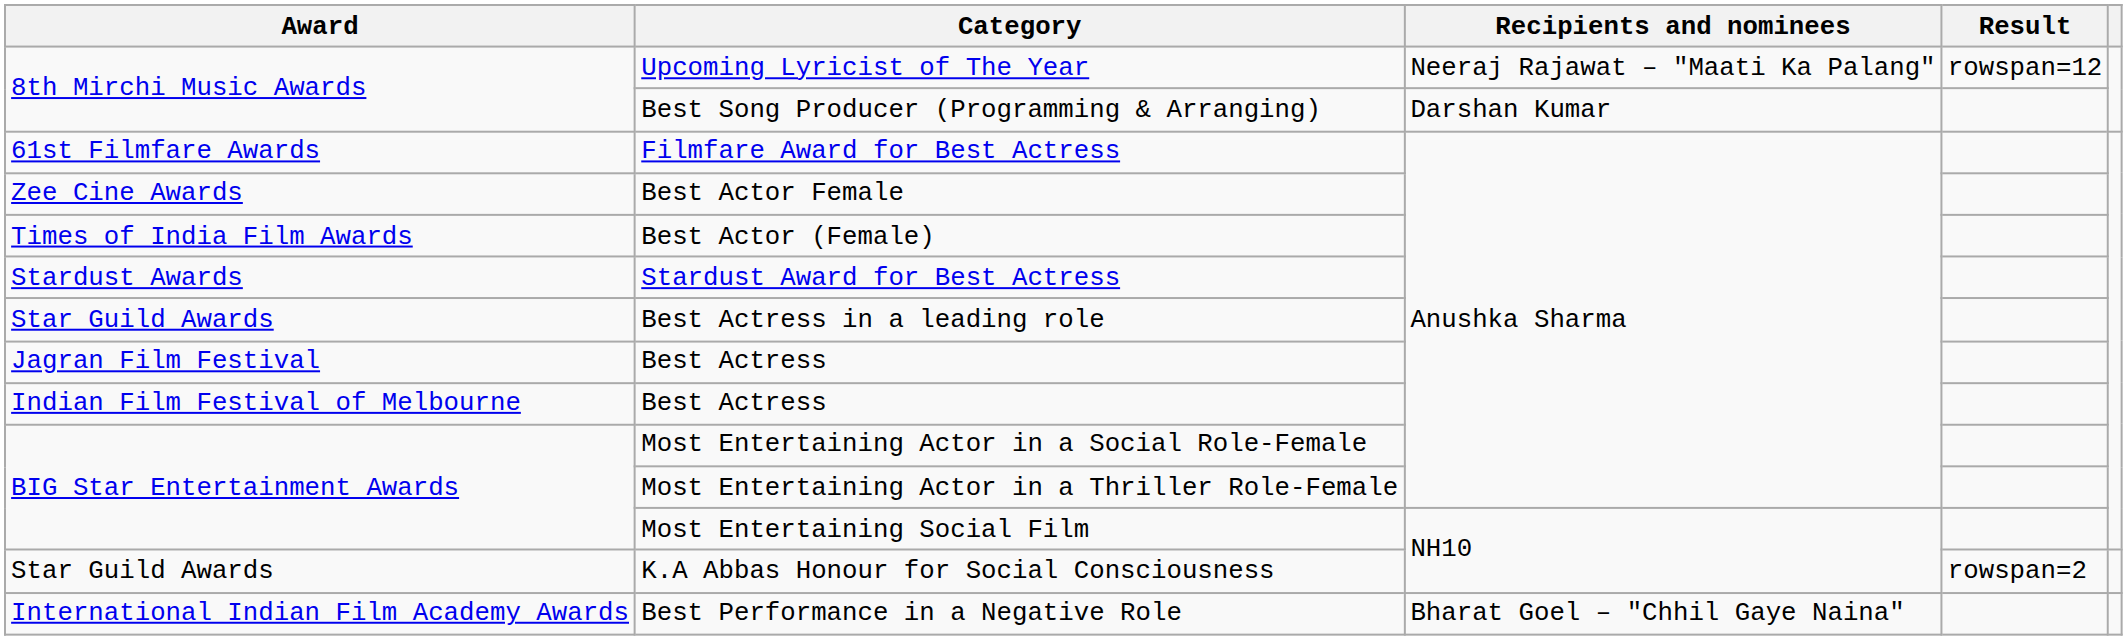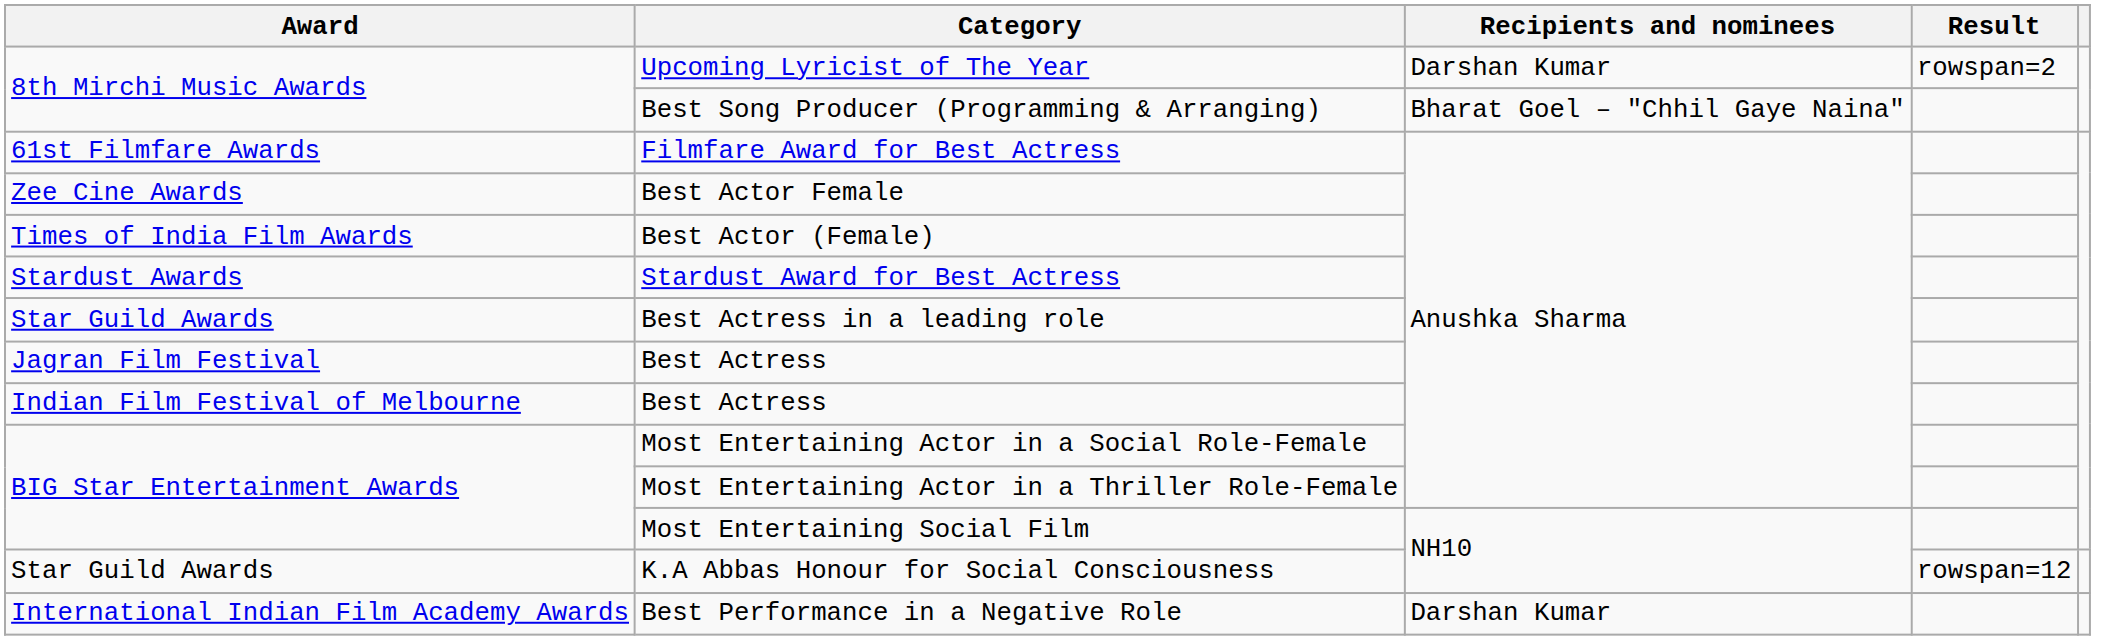 <table class="wikitable sortable">
 <tr>
 <th>Award</th>
 <th>Category</th>
 <th>Recipients and nominees</th>
 <th>Result</th>
 <th></th>
 </tr>
 <tr>
 <td rowspan=2><a href='#'>8th Mirchi Music Awards</a></td>
 <td><a href='#'>Upcoming Lyricist of The Year</a></td>
-<td>Neeraj Rajawat – "Maati Ka Palang"</td>
-<td>rowspan=12 </td>
+<td>Darshan Kumar</td>
+<td>rowspan=2 </td>
 <td rowspan=2></td>
 </tr>
 <tr>
 <td>Best Song Producer (Programming & Arranging)</td>
-<td>Darshan Kumar</td>
+<td>Bharat Goel – "Chhil Gaye Naina"</td>
 </tr>
 <tr>
 <td><a href='#'>61st Filmfare Awards</a></td>
 <td><a href='#'>Filmfare Award for Best Actress</a></td>
 <td rowspan=9>Anushka Sharma</td>
 <td></td>
 </tr>
 <tr>
 <td><a href='#'>Zee Cine Awards</a></td>
 <td>Best Actor Female</td>
 <td></td>
 </tr>
 <tr>
 <td><a href='#'>Times of India Film Awards</a></td>
 <td>Best Actor (Female)</td>
 <td></td>
 </tr>
 <tr>
 <td><a href='#'>Stardust Awards</a></td>
 <td><a href='#'>Stardust Award for Best Actress</a></td>
 <td></td>
 </tr>
 <tr>
 <td><a href='#'>Star Guild Awards</a></td>
 <td>Best Actress in a leading role</td>
 <td></td>
 </tr>
 <tr>
 <td><a href='#'>Jagran Film Festival</a></td>
 <td>Best Actress</td>
 <td></td>
 </tr>
 <tr>
 <td><a href='#'>Indian Film Festival of Melbourne</a></td>
 <td>Best Actress</td>
 <td></td>
 </tr>
 <tr>
 <td rowspan=3><a href='#'>BIG Star Entertainment Awards</a></td>
 <td>Most Entertaining Actor in a Social Role-Female</td>
 <td></td>
 </tr>
 <tr>
 <td>Most Entertaining Actor in a Thriller Role-Female</td>
 <td></td>
 </tr>
 <tr>
 <td>Most Entertaining Social Film</td>
 <td rowspan=2>NH10</td>
 <td></td>
 </tr>
 <tr>
 <td>Star Guild Awards</td>
 <td>K.A Abbas Honour for Social Consciousness</td>
-<td>rowspan=2 </td>
+<td>rowspan=12 </td>
 <td></td>
 </tr>
 <tr>
 <td><a href='#'>International Indian Film Academy Awards</a></td>
 <td>Best Performance in a Negative Role</td>
-<td>Bharat Goel – "Chhil Gaye Naina"</td>
+<td>Darshan Kumar</td>
 <td></td>
 </tr>
 </table>
